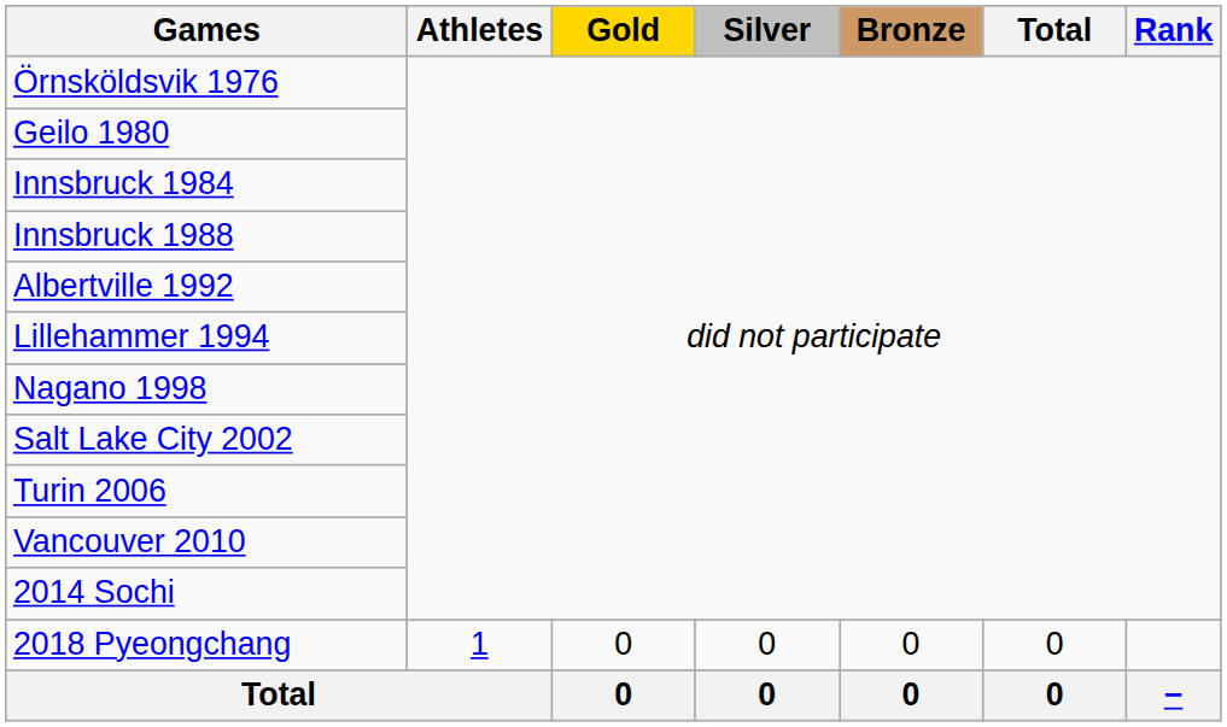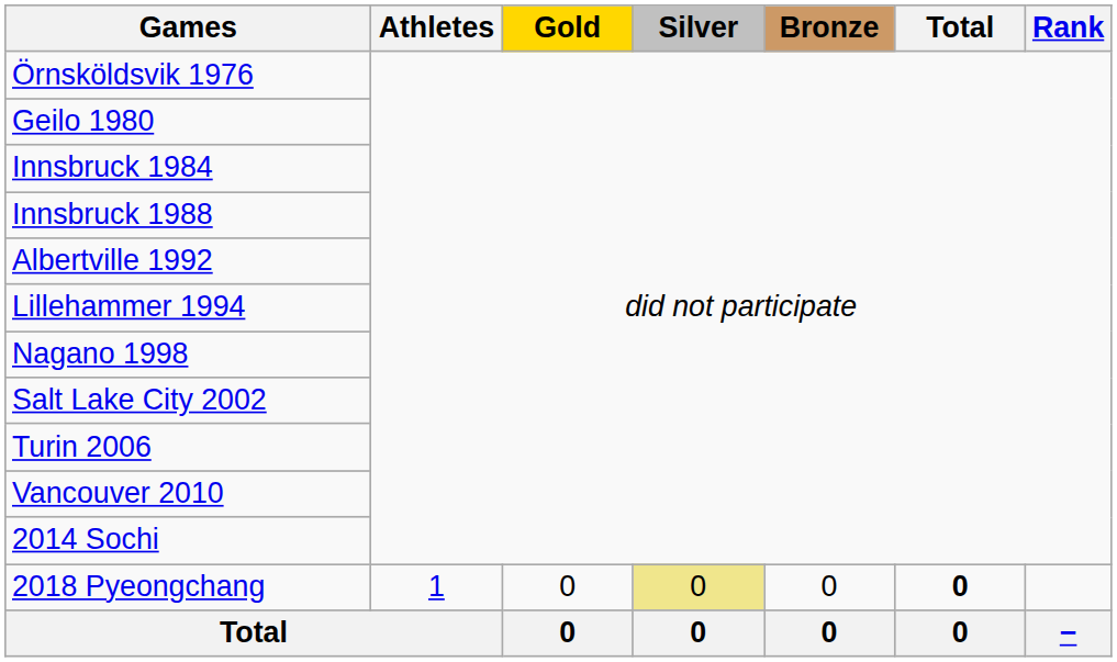 <table class="wikitable" style="text-align:center; font-size:100%;">
 <tr>
 <th style="width:12em;">Games</th>
 <th style="width:4em;">Athletes</th>
 <th style="width:4em; background:gold;">Gold</th>
 <th style="width:4em; background:silver;">Silver</th>
 <th style="width:4em; background:#cc9966;">Bronze</th>
 <th style="width:4em;">Total</th>
 <th style="width:2em;"><a href='#'>Rank</a></th>
 </tr>
 <tr>
 <td align=left> <a href='#'>Örnsköldsvik 1976</a></td>
 <td colspan=6 rowspan=11><em>did not participate</em></td>
 </tr>
 <tr>
 <td align=left> <a href='#'>Geilo 1980</a></td>
 </tr>
 <tr>
 <td align=left> <a href='#'>Innsbruck 1984</a></td>
 </tr>
 <tr>
 <td align=left> <a href='#'>Innsbruck 1988</a></td>
 </tr>
 <tr>
 <td align=left> <a href='#'>Albertville 1992</a></td>
 </tr>
 <tr>
 <td align=left> <a href='#'>Lillehammer 1994</a></td>
 </tr>
 <tr>
 <td align=left> <a href='#'>Nagano 1998</a></td>
 </tr>
 <tr>
 <td align=left> <a href='#'>Salt Lake City 2002</a></td>
 </tr>
 <tr>
 <td align=left> <a href='#'>Turin 2006</a></td>
 </tr>
 <tr>
 <td align=left> <a href='#'>Vancouver 2010</a></td>
 </tr>
 <tr>
 <td align=left> <a href='#'>2014 Sochi</a></td>
 </tr>
 <tr>
 <td align=left> <a href='#'>2018 Pyeongchang</a></td>
 <td><a href='#'>1</a></td>
 <td>0</td>
+<td style="background: khaki;">0</td>
 <td>0</td>
-<td>0</td>
-<td>0</td>
+<td><strong>0</strong></td>
 <td></td>
 </tr>
 <tr>
 <th colspan=2>Total</th>
 <th>0</th>
 <th>0</th>
 <th>0</th>
 <th>0</th>
 <th><a href='#'>−</a></th>
 </tr>
 </table>
